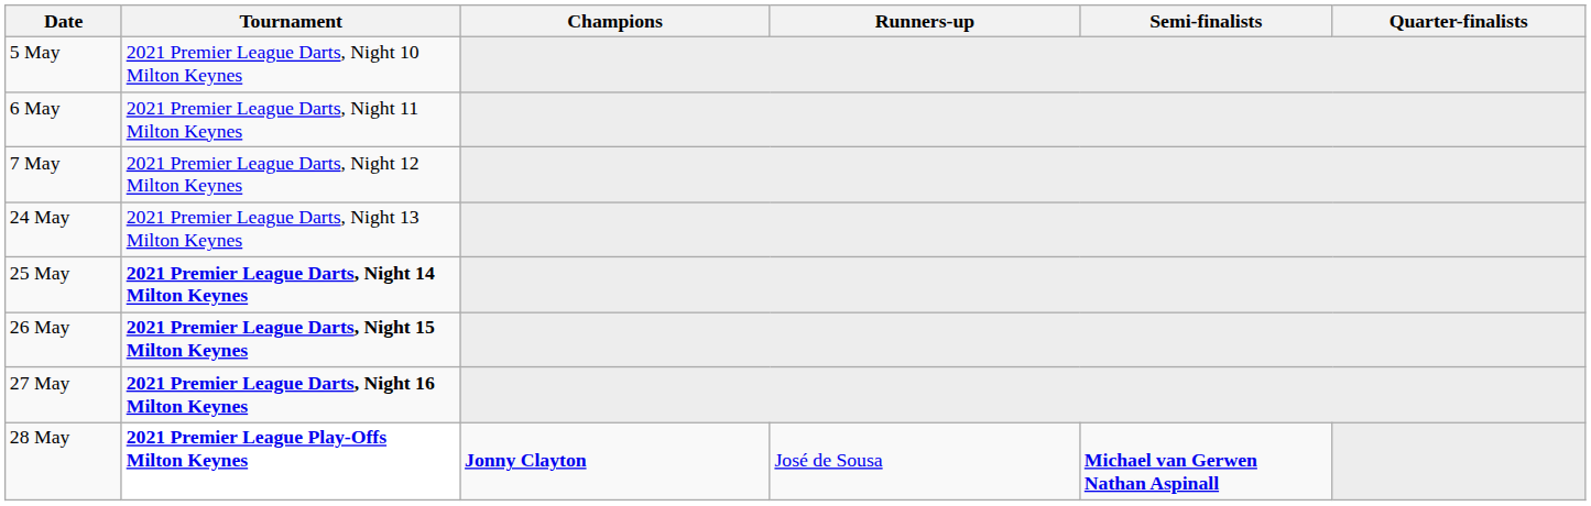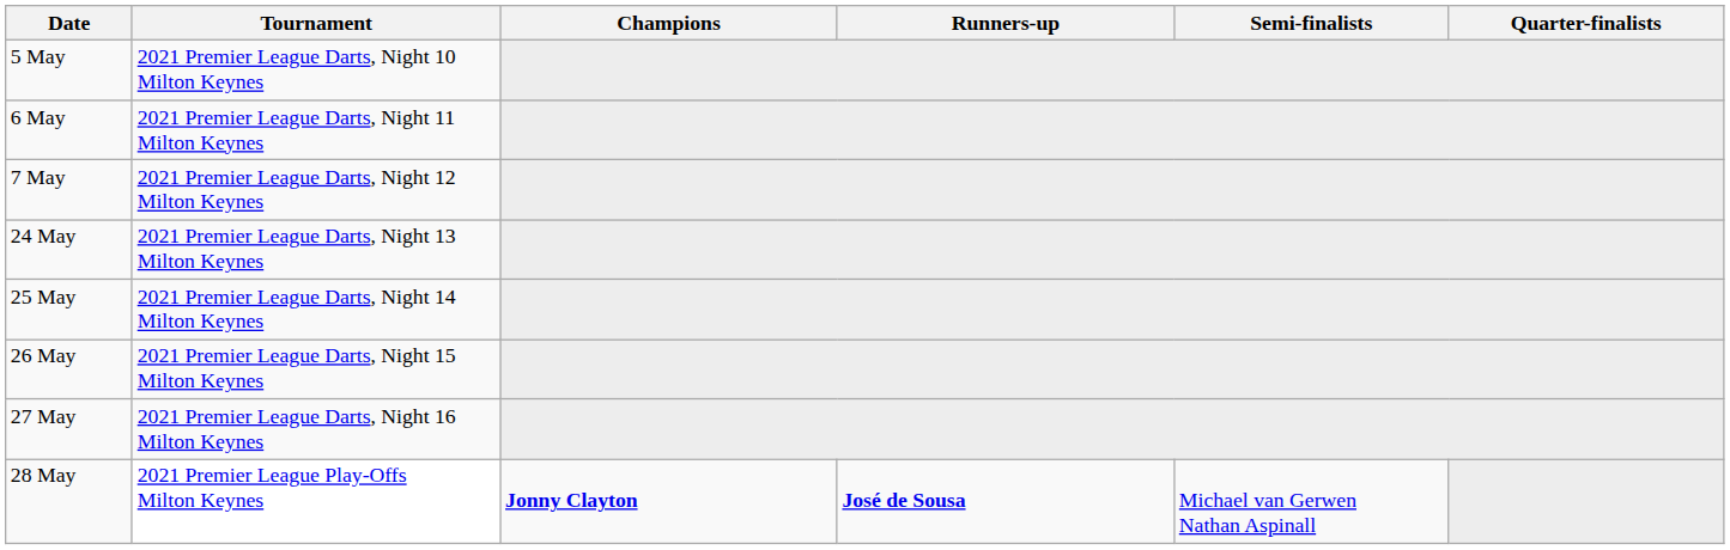 <table class=wikitable style=font-size:85%>
 <tr>
 <th width=75>Date</th>
 <th width=230>Tournament</th>
 <th width=210>Champions</th>
 <th width=210>Runners-up</th>
 <th width=170>Semi-finalists</th>
 <th width=170>Quarter-finalists</th>
 </tr>
 <tr valign="top">
 <td rowspan=1>5 May</td>
 <td><a href='#'>2021 Premier League Darts</a>, Night 10<br> <a href='#'>Milton Keynes</a></td>
 <td colspan=4 bgcolor="#ededed"></td>
 </tr>
 <tr valign="top">
 <td rowspan=1>6 May</td>
 <td><a href='#'>2021 Premier League Darts</a>, Night 11<br> <a href='#'>Milton Keynes</a></td>
 <td colspan=4 bgcolor="#ededed"></td>
 </tr>
 <tr valign="top">
 <td rowspan=1>7 May</td>
 <td><a href='#'>2021 Premier League Darts</a>, Night 12<br> <a href='#'>Milton Keynes</a></td>
 <td colspan=4 bgcolor="#ededed"></td>
 </tr>
 <tr valign="top">
 <td rowspan=1>24 May</td>
 <td><a href='#'>2021 Premier League Darts</a>, Night 13<br> <a href='#'>Milton Keynes</a></td>
 <td colspan=4 bgcolor="#ededed"></td>
 </tr>
 <tr valign="top">
 <td rowspan=1>25 May</td>
-<td><strong><a href='#'>2021 Premier League Darts</a>, Night 14<br> <a href='#'>Milton Keynes</a></strong></td>
+<td><a href='#'>2021 Premier League Darts</a>, Night 14<br> <a href='#'>Milton Keynes</a></td>
 <td colspan=4 bgcolor="#ededed"></td>
 </tr>
 <tr valign="top">
 <td rowspan=1>26 May</td>
-<td><strong><a href='#'>2021 Premier League Darts</a>, Night 15<br> <a href='#'>Milton Keynes</a></strong></td>
+<td><a href='#'>2021 Premier League Darts</a>, Night 15<br> <a href='#'>Milton Keynes</a></td>
 <td colspan=4 bgcolor="#ededed"></td>
 </tr>
 <tr valign="top">
 <td rowspan=1>27 May</td>
-<td><strong><a href='#'>2021 Premier League Darts</a>, Night 16<br> <a href='#'>Milton Keynes</a></strong></td>
+<td><a href='#'>2021 Premier League Darts</a>, Night 16<br> <a href='#'>Milton Keynes</a></td>
 <td colspan=4 bgcolor="#ededed"></td>
 </tr>
 <tr valign="top">
 <td>28 May</td>
-<td bgcolor="#ffffff"><strong><a href='#'>2021 Premier League Play-Offs</a><br> <a href='#'>Milton Keynes</a></strong></td>
+<td bgcolor="#ffffff"><a href='#'>2021 Premier League Play-Offs</a><br> <a href='#'>Milton Keynes</a></td>
 <td><br> <strong><a href='#'>Jonny Clayton</a></strong></td>
-<td><br> <a href='#'>José de Sousa</a></td>
-<td><strong><br> <a href='#'>Michael van Gerwen</a> <br>  <a href='#'>Nathan Aspinall</a></strong></td>
+<td><strong><br> <a href='#'>José de Sousa</a></strong></td>
+<td><br> <a href='#'>Michael van Gerwen</a> <br>  <a href='#'>Nathan Aspinall</a></td>
 <td bgcolor="#ededed"></td>
 </tr>
 </table>
